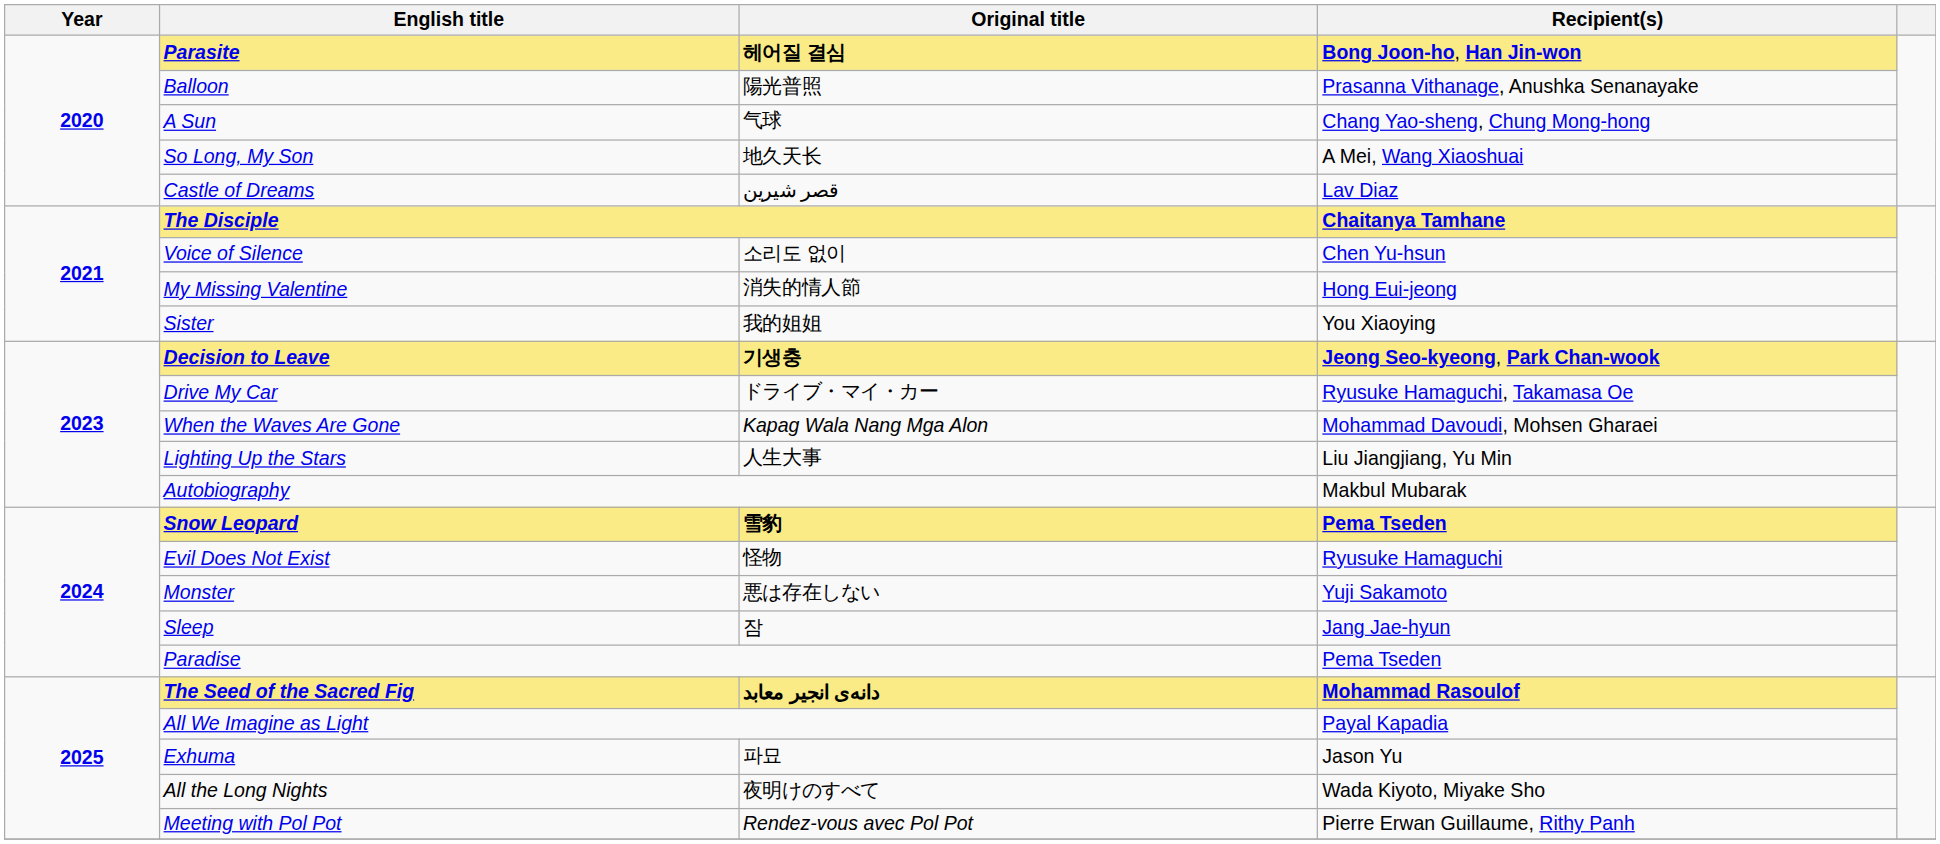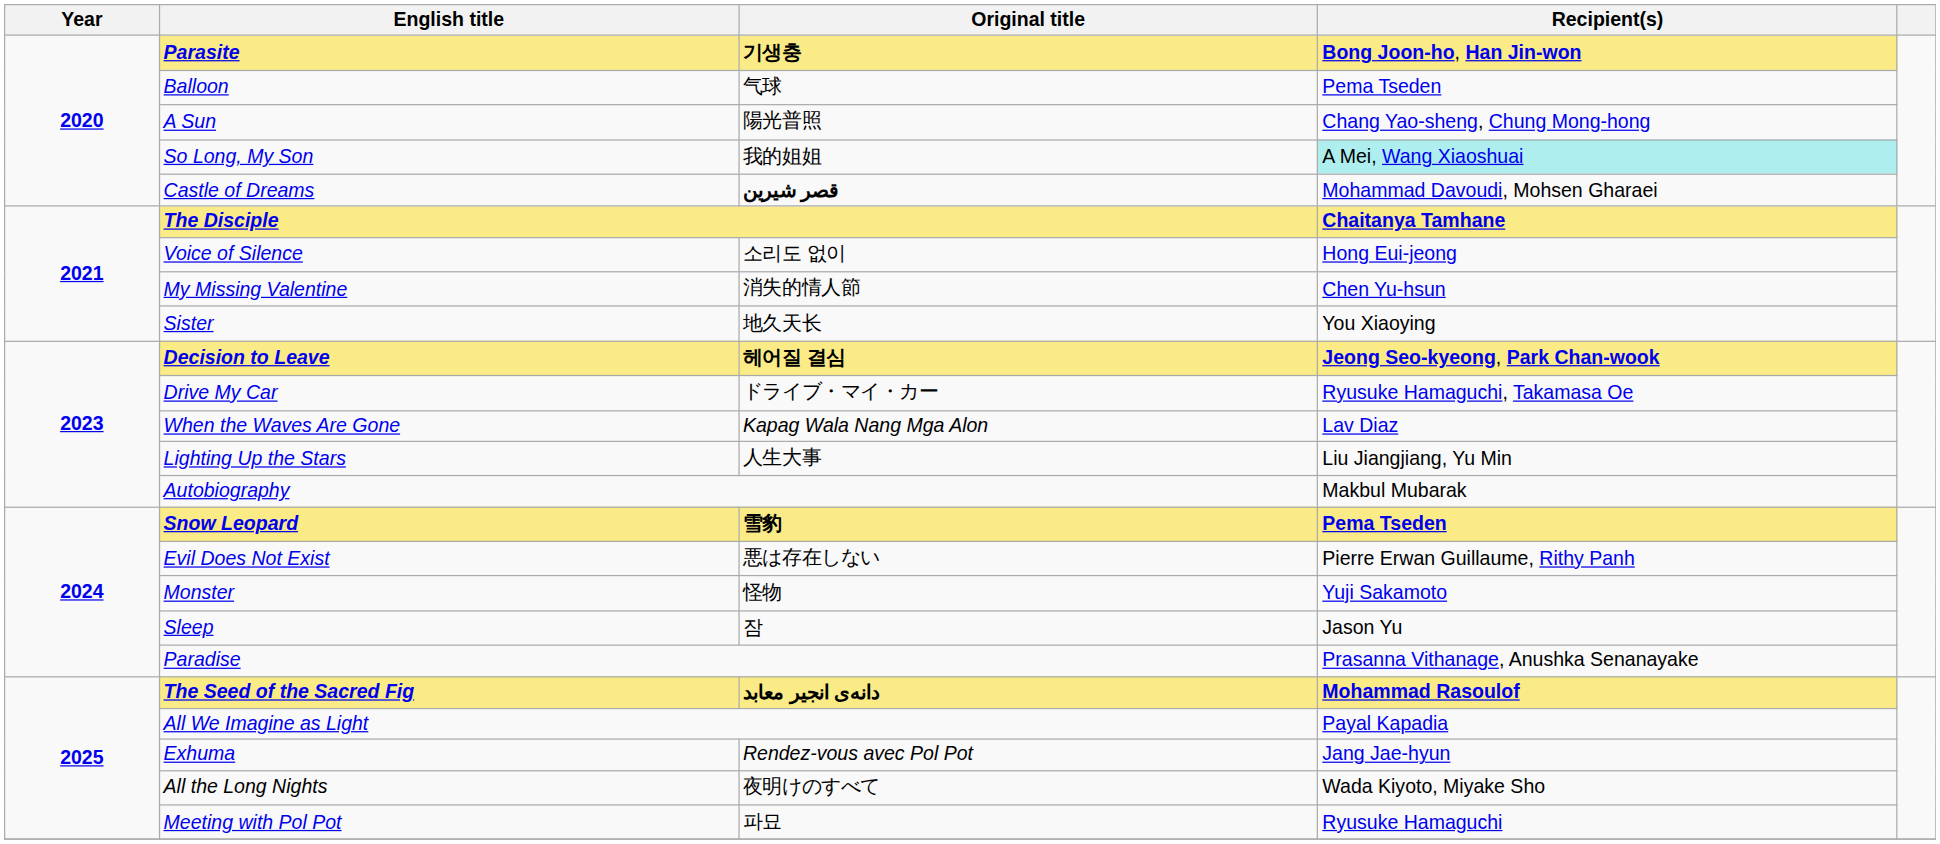 <table class="wikitable" width="100%" cellpadding="5">
 <tr>
 <th width="8%">Year</th>
 <th width="30%">English title</th>
 <th width="30%">Original title</th>
 <th width="30%">Recipient(s)</th>
 <th width="2%"></th>
 </tr>
 <tr>
 <td rowspan="5" align="center"><strong><a href='#'>2020</a></strong></td>
 <td style="background:#FAEB86"><strong><em><a href='#'>Parasite</a></em></strong></td>
-<td style="background:#FAEB86"><strong>헤어질 결심</strong></td>
+<td style="background:#FAEB86"><strong>기생충</strong></td>
 <td style="background:#FAEB86"><strong><a href='#'>Bong Joon-ho</a></strong>, <strong><a href='#'>Han Jin-won</a></strong></td>
 <td rowspan="5"><br></td>
 </tr>
 <tr>
 <td><em><a href='#'>Balloon</a></em></td>
-<td>陽光普照</td>
-<td><a href='#'>Prasanna Vithanage</a>, Anushka Senanayake</td>
+<td>气球</td>
+<td><a href='#'>Pema Tseden</a></td>
 </tr>
 <tr>
 <td><em><a href='#'>A Sun</a></em></td>
-<td>气球</td>
+<td>陽光普照</td>
 <td><a href='#'>Chang Yao-sheng</a>, <a href='#'>Chung Mong-hong</a></td>
 </tr>
 <tr>
 <td><em><a href='#'>So Long, My Son</a></em></td>
-<td>地久天长</td>
-<td>A Mei, <a href='#'>Wang Xiaoshuai</a></td>
+<td>我的姐姐</td>
+<td style="background: paleturquoise;">A Mei, <a href='#'>Wang Xiaoshuai</a></td>
 </tr>
 <tr>
 <td><em><a href='#'>Castle of Dreams</a></em></td>
-<td>قصر شیرین</td>
-<td><a href='#'>Lav Diaz</a></td>
+<td><strong>قصر شیرین</strong></td>
+<td><a href='#'>Mohammad Davoudi</a>, Mohsen Gharaei</td>
 </tr>
 <tr>
 <td rowspan="4" align="center"><strong><a href='#'>2021</a></strong></td>
 <td colspan="2" style="background:#FAEB86"><strong><em><a href='#'>The Disciple</a></em></strong></td>
 <td style="background:#FAEB86"><strong><a href='#'>Chaitanya Tamhane</a></strong></td>
 <td rowspan="4"><br></td>
 </tr>
 <tr>
 <td><em><a href='#'>Voice of Silence</a></em></td>
 <td>소리도 없이</td>
-<td><a href='#'>Chen Yu-hsun</a></td>
+<td><a href='#'>Hong Eui-jeong</a></td>
 </tr>
 <tr>
 <td><em><a href='#'>My Missing Valentine</a></em></td>
 <td>消失的情人節</td>
-<td><a href='#'>Hong Eui-jeong</a></td>
+<td><a href='#'>Chen Yu-hsun</a></td>
 </tr>
 <tr>
 <td><em><a href='#'>Sister</a></em></td>
-<td>我的姐姐</td>
+<td>地久天长</td>
 <td>You Xiaoying</td>
 </tr>
 <tr>
 <td rowspan="5" align="center"><strong><a href='#'>2023</a></strong></td>
 <td style="background:#FAEB86"><strong><em><a href='#'>Decision to Leave</a></em></strong></td>
-<td style="background:#FAEB86"><strong>기생충</strong></td>
+<td style="background:#FAEB86"><strong>헤어질 결심</strong></td>
 <td style="background:#FAEB86"><strong><a href='#'>Jeong Seo-kyeong</a></strong>, <strong><a href='#'>Park Chan-wook</a></strong></td>
 <td rowspan="5"><br></td>
 </tr>
 <tr>
 <td><em><a href='#'>Drive My Car</a></em></td>
 <td>ドライブ・マイ・カー</td>
 <td><a href='#'>Ryusuke Hamaguchi</a>, <a href='#'>Takamasa Oe</a></td>
 </tr>
 <tr>
 <td><em><a href='#'>When the Waves Are Gone</a></em></td>
 <td><em>Kapag Wala Nang Mga Alon</em></td>
-<td><a href='#'>Mohammad Davoudi</a>, Mohsen Gharaei</td>
+<td><a href='#'>Lav Diaz</a></td>
 </tr>
 <tr>
 <td><em><a href='#'>Lighting Up the Stars</a></em></td>
 <td>人生大事</td>
 <td>Liu Jiangjiang, Yu Min</td>
 </tr>
 <tr>
 <td colspan="2"><em><a href='#'>Autobiography</a></em></td>
 <td>Makbul Mubarak</td>
 </tr>
 <tr>
 <td rowspan="5" align="center"><strong><a href='#'>2024</a></strong></td>
 <td style="background:#FAEB86"><strong><em><a href='#'>Snow Leopard</a></em></strong></td>
 <td style="background:#FAEB86"><strong>雪豹</strong></td>
 <td style="background:#FAEB86"><strong><a href='#'>Pema Tseden</a></strong></td>
 <td rowspan="5"></td>
 </tr>
 <tr>
 <td><em><a href='#'>Evil Does Not Exist</a></em></td>
-<td>怪物</td>
-<td><a href='#'>Ryusuke Hamaguchi</a></td>
+<td>悪は存在しない</td>
+<td>Pierre Erwan Guillaume, <a href='#'>Rithy Panh</a></td>
 </tr>
 <tr>
 <td><em><a href='#'>Monster</a></em></td>
-<td>悪は存在しない</td>
+<td>怪物</td>
 <td><a href='#'>Yuji Sakamoto</a></td>
 </tr>
 <tr>
 <td><em><a href='#'>Sleep</a></em></td>
 <td>잠</td>
-<td><a href='#'>Jang Jae-hyun</a></td>
+<td>Jason Yu</td>
 </tr>
 <tr>
 <td colspan="2"><em><a href='#'>Paradise</a></em></td>
-<td><a href='#'>Pema Tseden</a></td>
+<td><a href='#'>Prasanna Vithanage</a>, Anushka Senanayake</td>
 </tr>
 <tr>
 <td rowspan="5" align="center"><strong><a href='#'>2025</a></strong></td>
 <td style="background:#FAEB86"><strong><em><a href='#'>The Seed of the Sacred Fig</a></em></strong></td>
 <td style="background:#FAEB86"><strong>دانه‌ی انجیر معابد</strong></td>
 <td style="background:#FAEB86"><strong><a href='#'>Mohammad Rasoulof</a></strong></td>
 <td rowspan="5"></td>
 </tr>
 <tr>
 <td colspan="2"><em><a href='#'>All We Imagine as Light</a></em></td>
 <td><a href='#'>Payal Kapadia</a></td>
 </tr>
 <tr>
 <td><em><a href='#'>Exhuma</a></em></td>
-<td>파묘</td>
-<td>Jason Yu</td>
+<td><em>Rendez-vous avec Pol Pot</em></td>
+<td><a href='#'>Jang Jae-hyun</a></td>
 </tr>
 <tr>
 <td><em>All the Long Nights</em></td>
 <td>夜明けのすべて</td>
 <td>Wada Kiyoto, Miyake Sho</td>
 </tr>
 <tr>
 <td><em><a href='#'>Meeting with Pol Pot</a></em></td>
-<td><em>Rendez-vous avec Pol Pot</em></td>
-<td>Pierre Erwan Guillaume, <a href='#'>Rithy Panh</a></td>
+<td>파묘</td>
+<td><a href='#'>Ryusuke Hamaguchi</a></td>
 </tr>
 <tr>
 </tr>
 </table>
